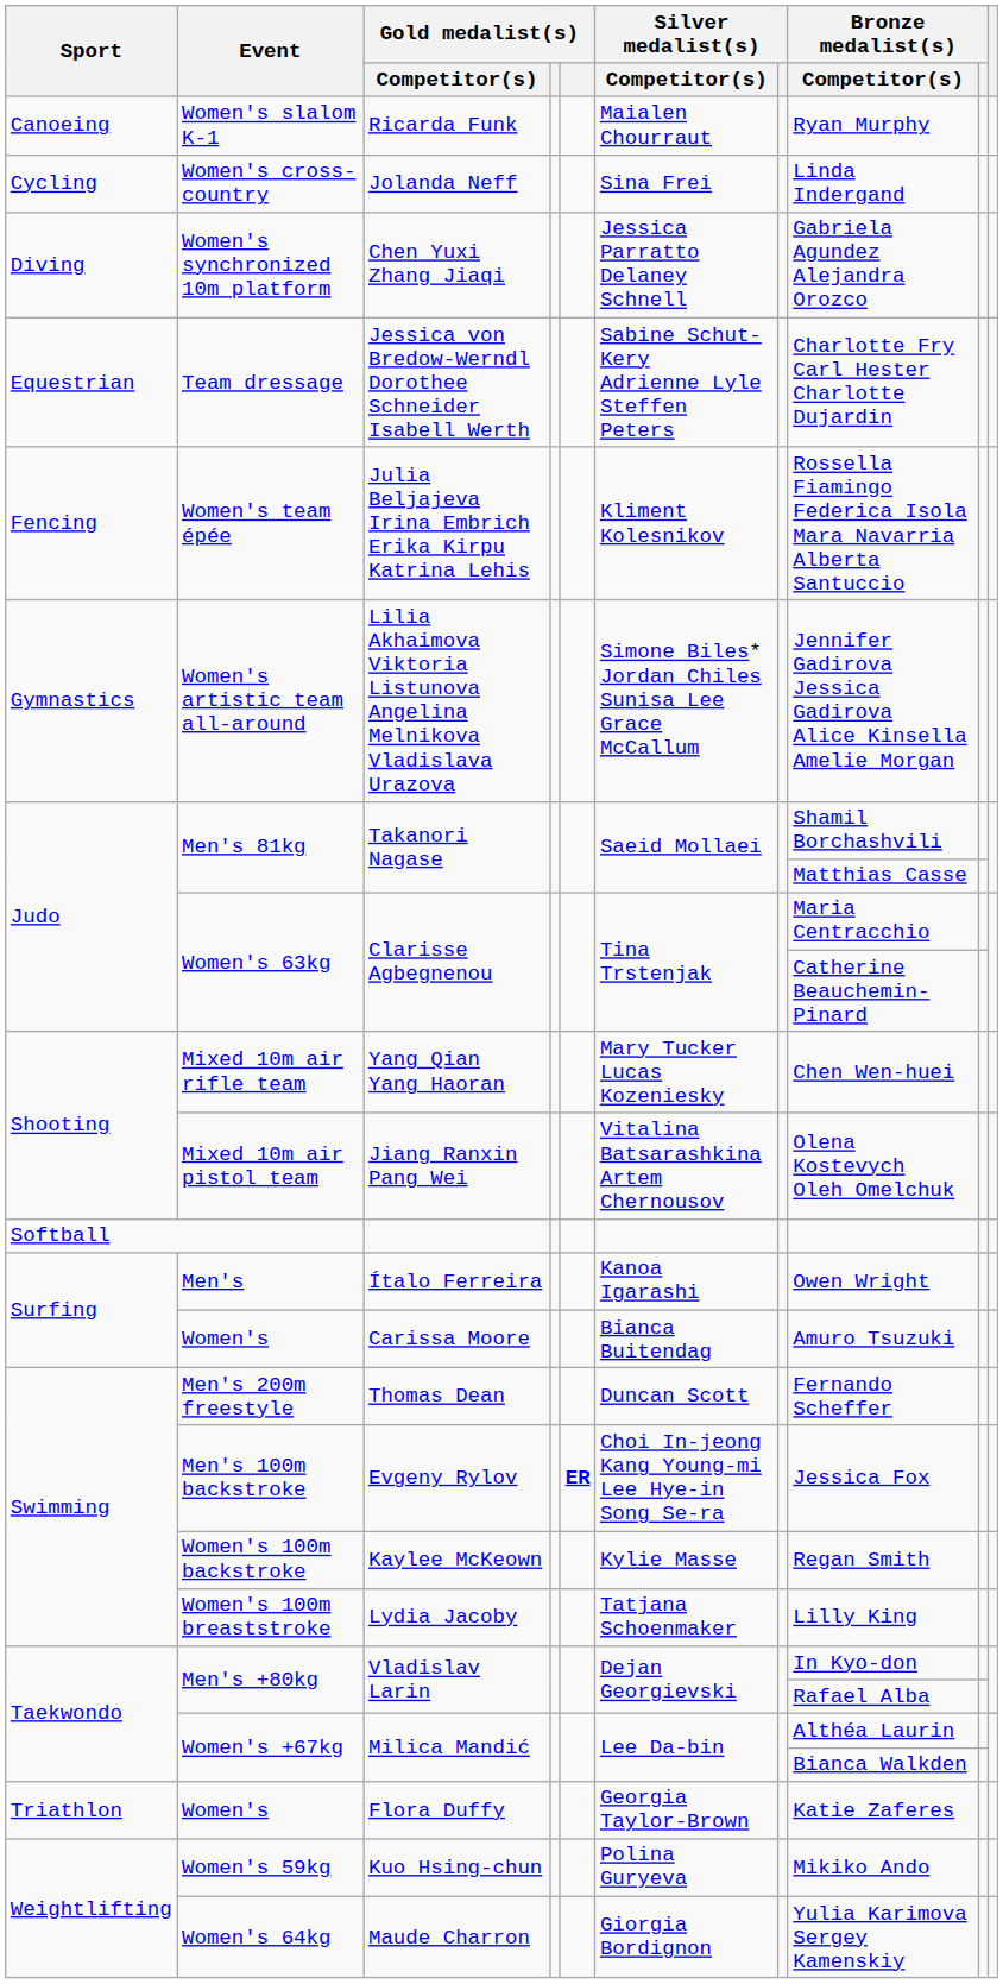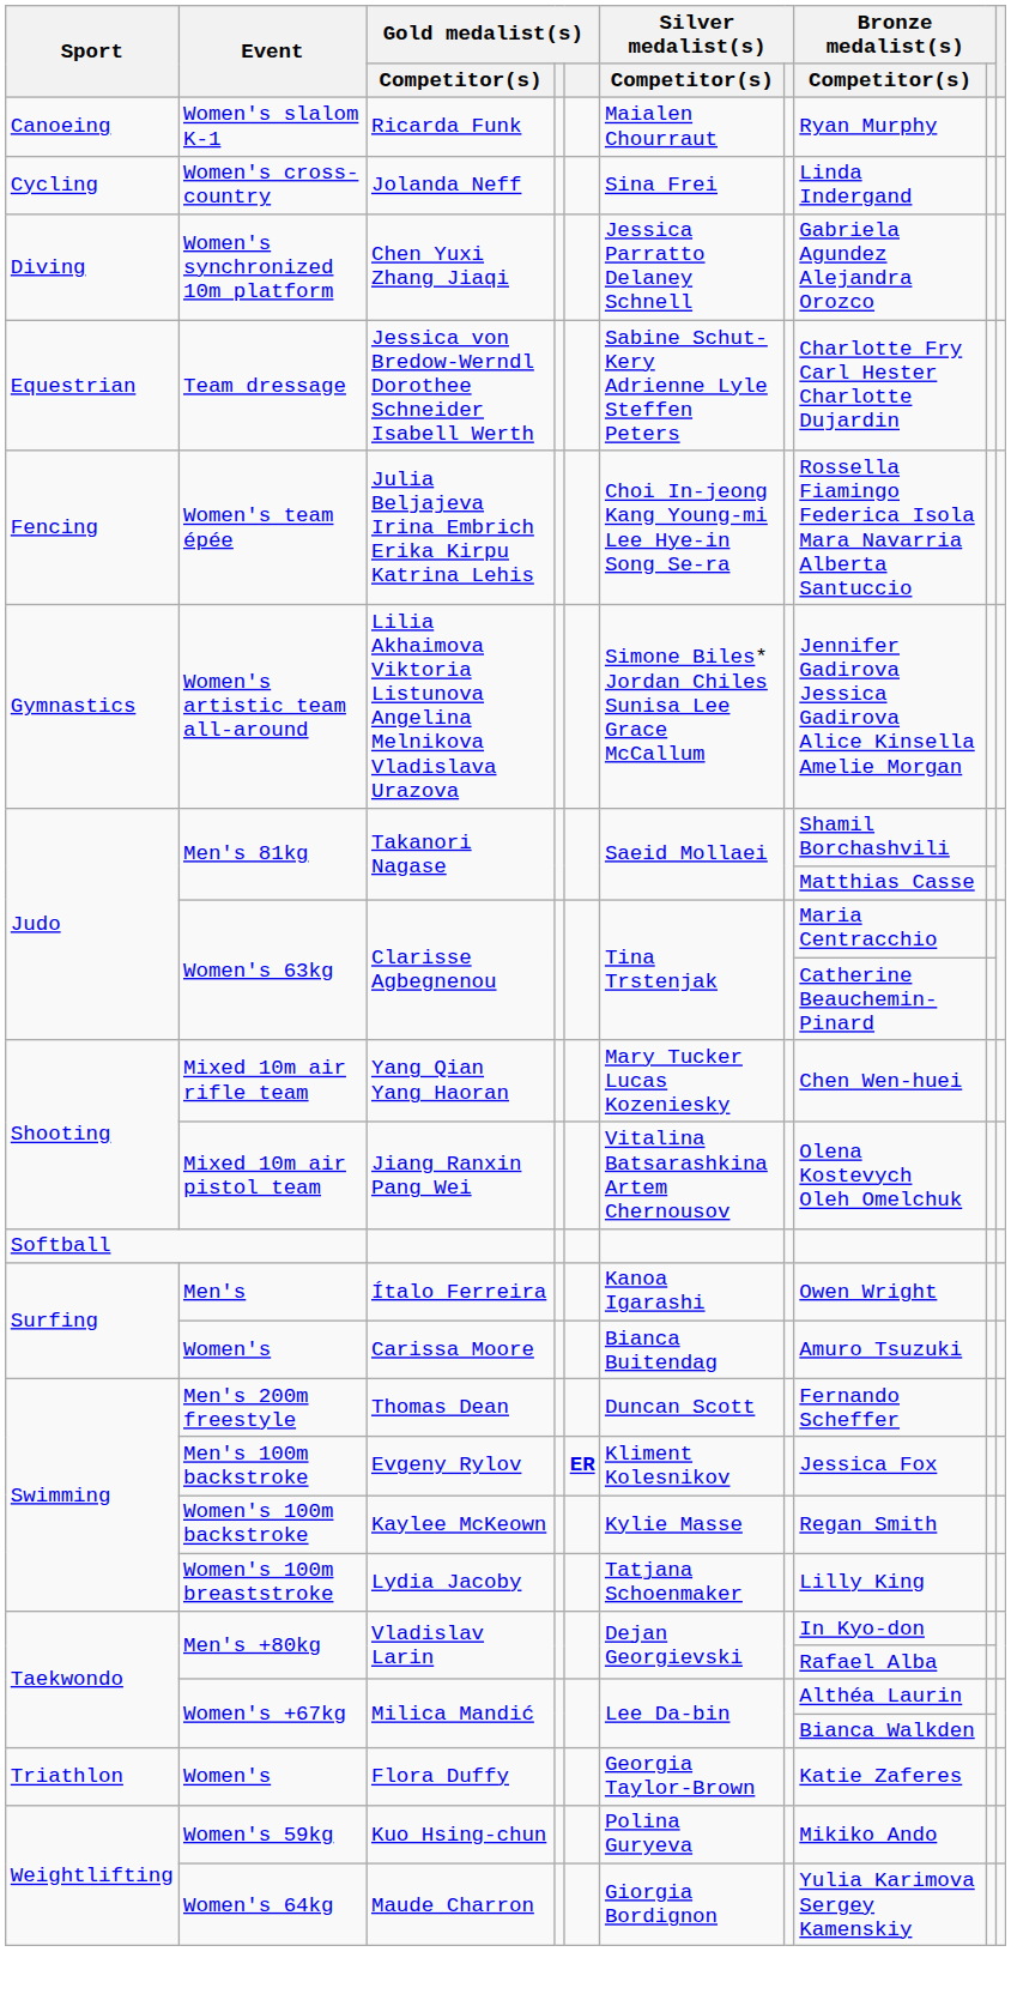 <table class="wikitable" style="width:100%;">
 <tr>
 <th rowspan="2">Sport</th>
 <th rowspan="2">Event</th>
 <th colspan="3">Gold medalist(s)</th>
 <th colspan="2">Silver medalist(s)</th>
 <th colspan="2">Bronze medalist(s)</th>
 <th rowspan="2"></th>
 </tr>
 <tr>
 <th>Competitor(s)</th>
 <th></th>
 <th></th>
 <th>Competitor(s)</th>
 <th></th>
 <th>Competitor(s)</th>
 <th></th>
 </tr>
 <tr>
 <td><a href='#'>Canoeing</a></td>
 <td><a href='#'>Women's slalom K-1</a></td>
 <td><a href='#'>Ricarda Funk</a></td>
 <td></td>
 <td></td>
 <td><a href='#'>Maialen Chourraut</a></td>
 <td></td>
 <td><a href='#'>Ryan Murphy</a></td>
 <td></td>
 <td></td>
 </tr>
 <tr>
 <td><a href='#'>Cycling</a></td>
 <td><a href='#'>Women's cross-country</a></td>
 <td><a href='#'>Jolanda Neff</a></td>
 <td></td>
 <td></td>
 <td><a href='#'>Sina Frei</a></td>
 <td></td>
 <td><a href='#'>Linda Indergand</a></td>
 <td></td>
 <td></td>
 </tr>
 <tr>
 <td><a href='#'>Diving</a></td>
 <td><a href='#'>Women's synchronized 10m platform</a></td>
 <td><a href='#'>Chen Yuxi</a><br><a href='#'>Zhang Jiaqi</a></td>
 <td></td>
 <td></td>
 <td><a href='#'>Jessica Parratto</a><br><a href='#'>Delaney Schnell</a></td>
 <td></td>
 <td><a href='#'>Gabriela Agundez</a><br><a href='#'>Alejandra Orozco</a></td>
 <td></td>
 <td></td>
 </tr>
 <tr>
 <td><a href='#'>Equestrian</a></td>
 <td><a href='#'>Team dressage</a></td>
 <td><a href='#'>Jessica von Bredow-Werndl</a> <br> <a href='#'>Dorothee Schneider</a> <br> <a href='#'>Isabell Werth</a></td>
 <td></td>
 <td></td>
 <td><a href='#'>Sabine Schut-Kery</a> <br> <a href='#'>Adrienne Lyle</a> <br> <a href='#'>Steffen Peters</a></td>
 <td></td>
 <td><a href='#'>Charlotte Fry</a> <br> <a href='#'>Carl Hester</a> <br> <a href='#'>Charlotte Dujardin</a></td>
 <td></td>
 <td></td>
 </tr>
 <tr>
 <td><a href='#'>Fencing</a></td>
 <td><a href='#'>Women's team épée</a></td>
 <td><a href='#'>Julia Beljajeva</a><br><a href='#'>Irina Embrich</a><br><a href='#'>Erika Kirpu</a><br><a href='#'>Katrina Lehis</a></td>
 <td></td>
 <td></td>
-<td><a href='#'>Kliment Kolesnikov</a></td>
+<td><a href='#'>Choi In-jeong</a><br><a href='#'>Kang Young-mi</a><br><a href='#'>Lee Hye-in</a><br><a href='#'>Song Se-ra</a></td>
 <td></td>
 <td><a href='#'>Rossella Fiamingo</a><br> <a href='#'>Federica Isola</a><br> <a href='#'>Mara Navarria</a><br> <a href='#'>Alberta Santuccio</a></td>
 <td></td>
 <td></td>
 </tr>
 <tr>
 <td><a href='#'>Gymnastics</a></td>
 <td><a href='#'>Women's artistic team all-around</a></td>
 <td><a href='#'>Lilia Akhaimova</a> <br> <a href='#'>Viktoria Listunova</a> <br> <a href='#'>Angelina Melnikova</a> <br> <a href='#'>Vladislava Urazova</a></td>
 <td></td>
 <td></td>
 <td><a href='#'>Simone Biles</a>* <br> <a href='#'>Jordan Chiles</a> <br> <a href='#'>Sunisa Lee</a> <br> <a href='#'>Grace McCallum</a></td>
 <td></td>
 <td><a href='#'>Jennifer Gadirova</a> <br> <a href='#'>Jessica Gadirova</a> <br> <a href='#'>Alice Kinsella</a> <br> <a href='#'>Amelie Morgan</a></td>
 <td></td>
 <td></td>
 </tr>
 <tr>
 <td rowspan="4"><a href='#'>Judo</a></td>
 <td rowspan="2"><a href='#'>Men's 81kg</a></td>
 <td rowspan="2"><a href='#'>Takanori Nagase</a></td>
 <td rowspan="2"></td>
 <td rowspan="2"></td>
 <td rowspan="2"><a href='#'>Saeid Mollaei</a></td>
 <td rowspan="2"></td>
 <td><a href='#'>Shamil Borchashvili</a></td>
 <td></td>
 <td rowspan="2"></td>
 </tr>
 <tr>
 <td><a href='#'>Matthias Casse</a></td>
 <td></td>
 </tr>
 <tr>
 <td rowspan="2"><a href='#'>Women's 63kg</a></td>
 <td rowspan="2"><a href='#'>Clarisse Agbegnenou</a></td>
 <td rowspan="2"></td>
 <td rowspan="2"></td>
 <td rowspan="2"><a href='#'>Tina Trstenjak</a></td>
 <td rowspan="2"></td>
 <td><a href='#'>Maria Centracchio</a></td>
 <td></td>
 <td rowspan="2"></td>
 </tr>
 <tr>
 <td><a href='#'>Catherine Beauchemin-Pinard</a></td>
 <td></td>
 </tr>
 <tr>
 <td rowspan="2"><a href='#'>Shooting</a></td>
 <td><a href='#'>Mixed 10m air rifle team</a></td>
 <td><a href='#'>Yang Qian</a><br><a href='#'>Yang Haoran</a></td>
 <td></td>
 <td></td>
 <td><a href='#'>Mary Tucker</a><br><a href='#'>Lucas Kozeniesky</a></td>
 <td></td>
 <td><a href='#'>Chen Wen-huei</a></td>
 <td></td>
 <td></td>
 </tr>
 <tr>
 <td><a href='#'>Mixed 10m air pistol team</a></td>
 <td><a href='#'>Jiang Ranxin</a><br><a href='#'>Pang Wei</a></td>
 <td></td>
 <td></td>
 <td><a href='#'>Vitalina Batsarashkina</a><br><a href='#'>Artem Chernousov</a></td>
 <td></td>
 <td><a href='#'>Olena Kostevych</a><br><a href='#'>Oleh Omelchuk</a></td>
 <td></td>
 <td></td>
 </tr>
 <tr>
 <td colspan="2"><a href='#'>Softball</a></td>
 <td></td>
 <td></td>
 <td></td>
 <td></td>
 <td></td>
 <td></td>
 <td></td>
 <td></td>
 </tr>
 <tr>
 <td rowspan="2"><a href='#'>Surfing</a></td>
 <td><a href='#'>Men's</a></td>
 <td><a href='#'>Ítalo Ferreira</a></td>
 <td></td>
 <td></td>
 <td><a href='#'>Kanoa Igarashi</a></td>
 <td></td>
 <td><a href='#'>Owen Wright</a></td>
 <td></td>
 <td></td>
 </tr>
 <tr>
 <td><a href='#'>Women's</a></td>
 <td><a href='#'>Carissa Moore</a></td>
 <td></td>
 <td></td>
 <td><a href='#'>Bianca Buitendag</a></td>
 <td></td>
 <td><a href='#'>Amuro Tsuzuki</a></td>
 <td></td>
 <td></td>
 </tr>
 <tr>
 <td rowspan="4"><a href='#'>Swimming</a></td>
 <td><a href='#'>Men's 200m freestyle</a></td>
 <td><a href='#'>Thomas Dean</a></td>
 <td></td>
 <td></td>
 <td><a href='#'>Duncan Scott</a></td>
 <td></td>
 <td><a href='#'>Fernando Scheffer</a></td>
 <td></td>
 <td></td>
 </tr>
 <tr>
 <td><a href='#'>Men's 100m backstroke</a></td>
 <td><a href='#'>Evgeny Rylov</a></td>
 <td></td>
 <td><strong><a href='#'>ER</a></strong></td>
-<td><a href='#'>Choi In-jeong</a><br><a href='#'>Kang Young-mi</a><br><a href='#'>Lee Hye-in</a><br><a href='#'>Song Se-ra</a></td>
+<td><a href='#'>Kliment Kolesnikov</a></td>
 <td></td>
 <td><a href='#'>Jessica Fox</a></td>
 <td></td>
 <td></td>
 </tr>
 <tr>
 <td><a href='#'>Women's 100m backstroke</a></td>
 <td><a href='#'>Kaylee McKeown</a></td>
 <td></td>
 <td></td>
 <td><a href='#'>Kylie Masse</a></td>
 <td></td>
 <td><a href='#'>Regan Smith</a></td>
 <td></td>
 <td></td>
 </tr>
 <tr>
 <td><a href='#'>Women's 100m breaststroke</a></td>
 <td><a href='#'>Lydia Jacoby</a></td>
 <td></td>
 <td></td>
 <td><a href='#'>Tatjana Schoenmaker</a></td>
 <td></td>
 <td><a href='#'>Lilly King</a></td>
 <td></td>
 <td></td>
 </tr>
 <tr>
 <td rowspan="4"><a href='#'>Taekwondo</a></td>
 <td rowspan="2"><a href='#'>Men's +80kg</a></td>
 <td rowspan="2"><a href='#'>Vladislav Larin</a></td>
 <td rowspan="2"></td>
 <td rowspan="2"></td>
 <td rowspan="2"><a href='#'>Dejan Georgievski</a></td>
 <td rowspan="2"></td>
 <td><a href='#'>In Kyo-don</a></td>
 <td></td>
 <td rowspan="2"></td>
 </tr>
 <tr>
 <td><a href='#'>Rafael Alba</a></td>
 <td></td>
 </tr>
 <tr>
 <td rowspan="2"><a href='#'>Women's +67kg</a></td>
 <td rowspan="2"><a href='#'>Milica Mandić</a></td>
 <td rowspan="2"></td>
 <td rowspan="2"></td>
 <td rowspan="2"><a href='#'>Lee Da-bin</a></td>
 <td rowspan="2"></td>
 <td><a href='#'>Althéa Laurin</a></td>
 <td></td>
 <td rowspan="2"></td>
 </tr>
 <tr>
 <td><a href='#'>Bianca Walkden</a></td>
 <td></td>
 </tr>
 <tr>
 <td><a href='#'>Triathlon</a></td>
 <td><a href='#'>Women's</a></td>
 <td><a href='#'>Flora Duffy</a></td>
 <td></td>
 <td></td>
 <td><a href='#'>Georgia Taylor-Brown</a></td>
 <td></td>
 <td><a href='#'>Katie Zaferes</a></td>
 <td></td>
 <td></td>
 </tr>
 <tr>
 <td rowspan="2"><a href='#'>Weightlifting</a></td>
 <td><a href='#'>Women's 59kg</a></td>
 <td><a href='#'>Kuo Hsing-chun</a></td>
 <td></td>
 <td></td>
 <td><a href='#'>Polina Guryeva</a></td>
 <td></td>
 <td><a href='#'>Mikiko Ando</a></td>
 <td></td>
 <td></td>
 </tr>
 <tr>
 <td><a href='#'>Women's 64kg</a></td>
 <td><a href='#'>Maude Charron</a></td>
 <td></td>
 <td></td>
 <td><a href='#'>Giorgia Bordignon</a></td>
 <td></td>
 <td><a href='#'>Yulia Karimova</a><br><a href='#'>Sergey Kamenskiy</a></td>
 <td></td>
 <td></td>
 </tr>
 </table>
